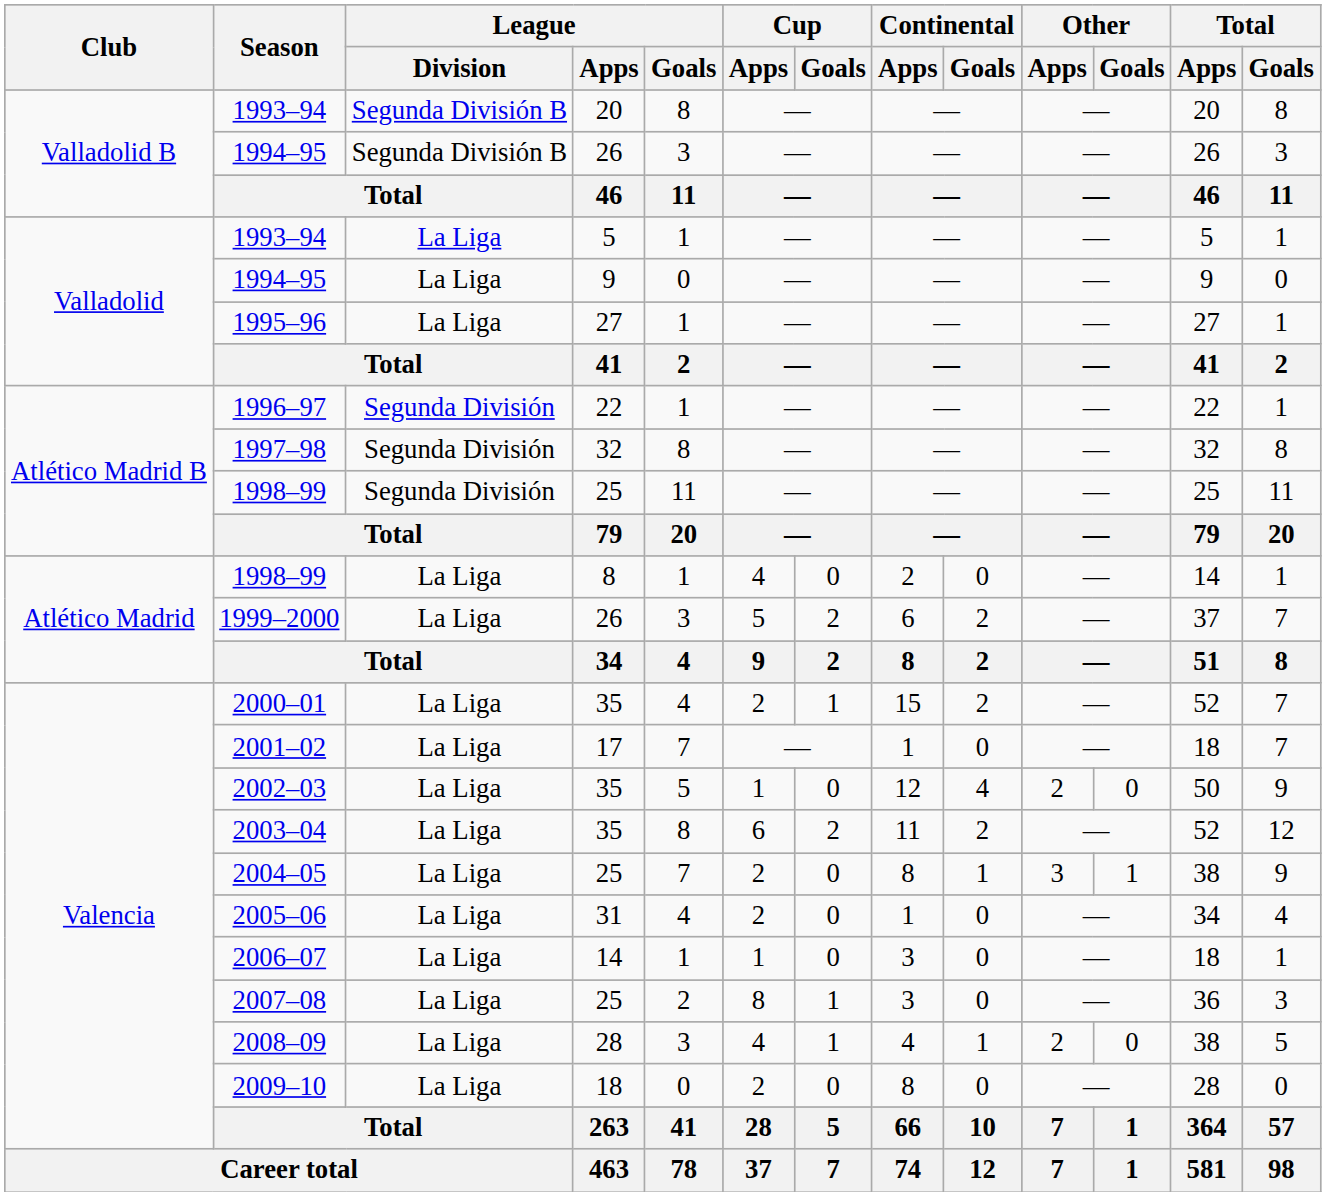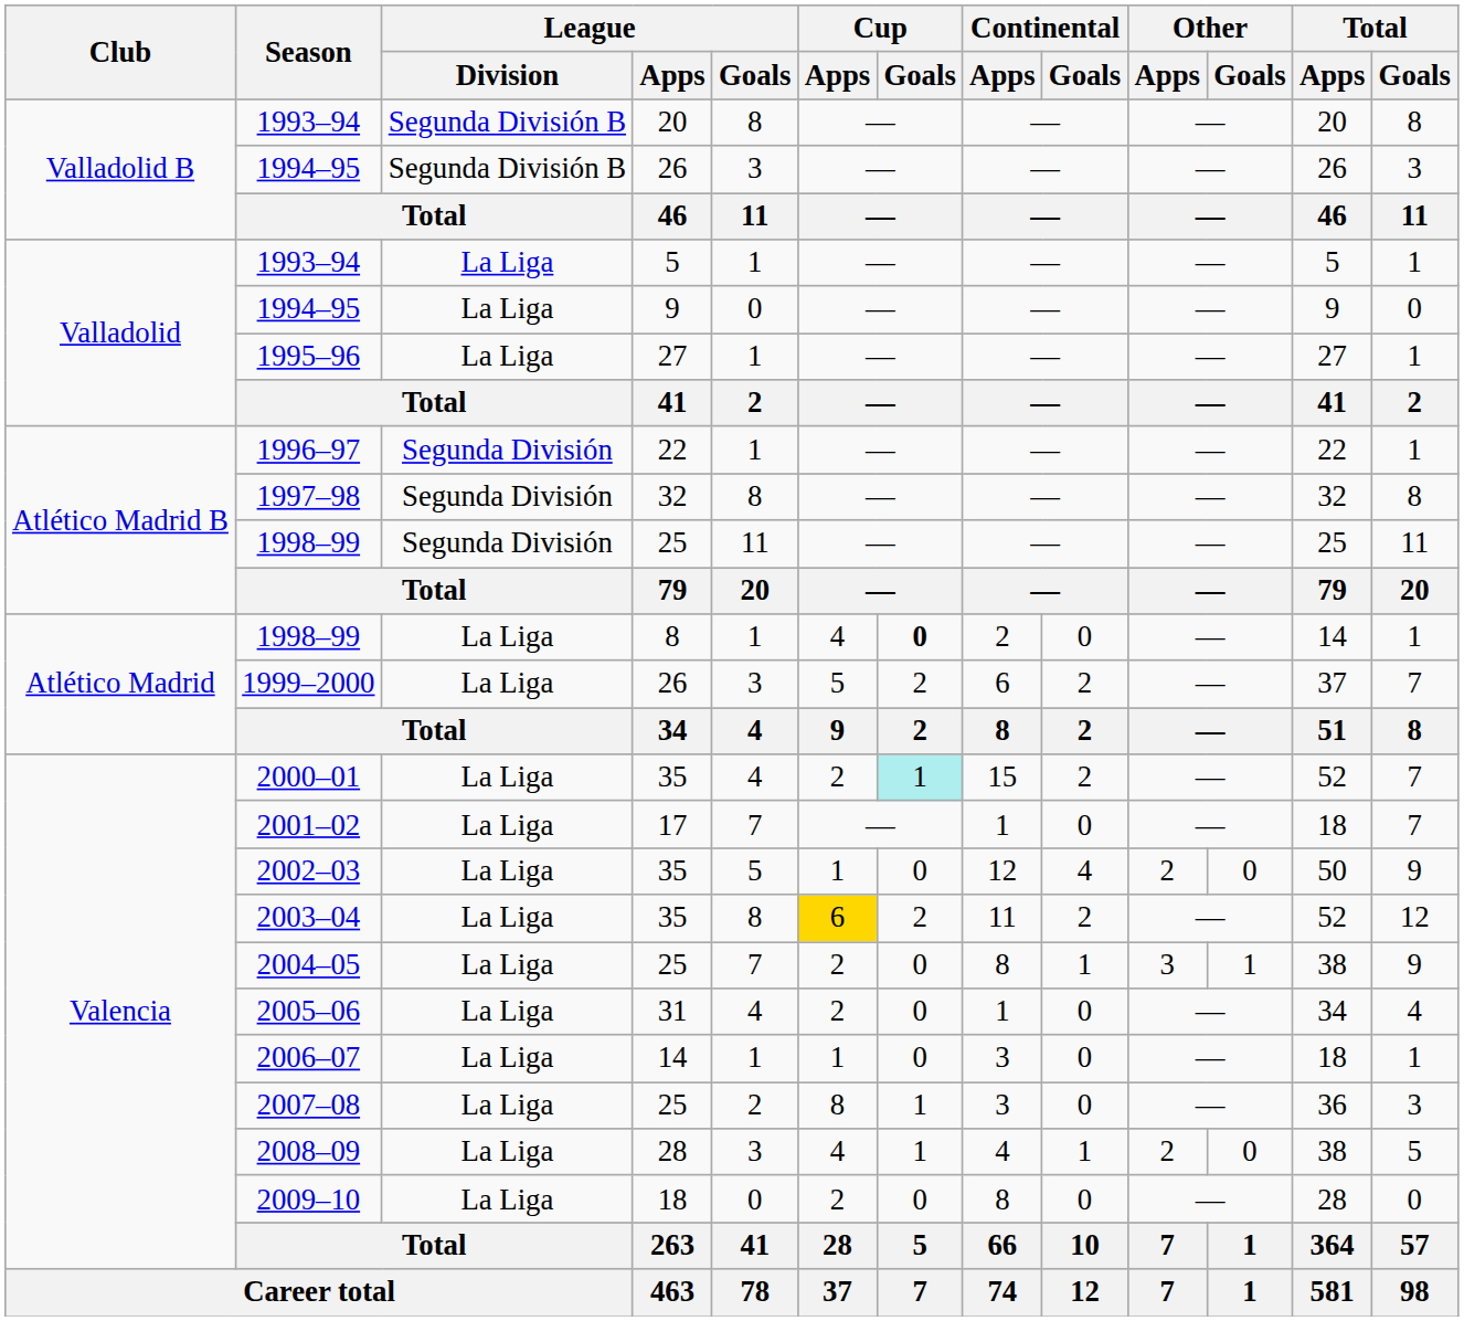 <table class="wikitable" style="text-align:center">
 <tr>
 <th rowspan="2">Club</th>
 <th rowspan="2">Season</th>
 <th colspan="3">League</th>
 <th colspan="2">Cup</th>
 <th colspan="2">Continental</th>
 <th colspan="2">Other</th>
 <th colspan="2">Total</th>
 </tr>
 <tr>
 <th>Division</th>
 <th>Apps</th>
 <th>Goals</th>
 <th>Apps</th>
 <th>Goals</th>
 <th>Apps</th>
 <th>Goals</th>
 <th>Apps</th>
 <th>Goals</th>
 <th>Apps</th>
 <th>Goals</th>
 </tr>
 <tr>
 <td rowspan="3"><a href='#'>Valladolid B</a></td>
 <td><a href='#'>1993–94</a></td>
 <td><a href='#'>Segunda División B</a></td>
 <td>20</td>
 <td>8</td>
 <td colspan="2">—</td>
 <td colspan="2">—</td>
 <td colspan="2">—</td>
 <td>20</td>
 <td>8</td>
 </tr>
 <tr>
 <td><a href='#'>1994–95</a></td>
 <td>Segunda División B</td>
 <td>26</td>
 <td>3</td>
 <td colspan="2">—</td>
 <td colspan="2">—</td>
 <td colspan="2">—</td>
 <td>26</td>
 <td>3</td>
 </tr>
 <tr>
 <th colspan="2">Total</th>
 <th>46</th>
 <th>11</th>
 <th colspan="2">—</th>
 <th colspan="2">—</th>
 <th colspan="2">—</th>
 <th>46</th>
 <th>11</th>
 </tr>
 <tr>
 <td rowspan="4"><a href='#'>Valladolid</a></td>
 <td><a href='#'>1993–94</a></td>
 <td><a href='#'>La Liga</a></td>
 <td>5</td>
 <td>1</td>
 <td colspan="2">—</td>
 <td colspan="2">—</td>
 <td colspan="2">—</td>
 <td>5</td>
 <td>1</td>
 </tr>
 <tr>
 <td><a href='#'>1994–95</a></td>
 <td>La Liga</td>
 <td>9</td>
 <td>0</td>
 <td colspan="2">—</td>
 <td colspan="2">—</td>
 <td colspan="2">—</td>
 <td>9</td>
 <td>0</td>
 </tr>
 <tr>
 <td><a href='#'>1995–96</a></td>
 <td>La Liga</td>
 <td>27</td>
 <td>1</td>
 <td colspan="2">—</td>
 <td colspan="2">—</td>
 <td colspan="2">—</td>
 <td>27</td>
 <td>1</td>
 </tr>
 <tr>
 <th colspan="2">Total</th>
 <th>41</th>
 <th>2</th>
 <th colspan="2">—</th>
 <th colspan="2">—</th>
 <th colspan="2">—</th>
 <th>41</th>
 <th>2</th>
 </tr>
 <tr>
 <td rowspan="4"><a href='#'>Atlético Madrid B</a></td>
 <td><a href='#'>1996–97</a></td>
 <td><a href='#'>Segunda División</a></td>
 <td>22</td>
 <td>1</td>
 <td colspan="2">—</td>
 <td colspan="2">—</td>
 <td colspan="2">—</td>
 <td>22</td>
 <td>1</td>
 </tr>
 <tr>
 <td><a href='#'>1997–98</a></td>
 <td>Segunda División</td>
 <td>32</td>
 <td>8</td>
 <td colspan="2">—</td>
 <td colspan="2">—</td>
 <td colspan="2">—</td>
 <td>32</td>
 <td>8</td>
 </tr>
 <tr>
 <td><a href='#'>1998–99</a></td>
 <td>Segunda División</td>
 <td>25</td>
 <td>11</td>
 <td colspan="2">—</td>
 <td colspan="2">—</td>
 <td colspan="2">—</td>
 <td>25</td>
 <td>11</td>
 </tr>
 <tr>
 <th colspan="2">Total</th>
 <th>79</th>
 <th>20</th>
 <th colspan="2">—</th>
 <th colspan="2">—</th>
 <th colspan="2">—</th>
 <th>79</th>
 <th>20</th>
 </tr>
 <tr>
 <td rowspan="3"><a href='#'>Atlético Madrid</a></td>
 <td><a href='#'>1998–99</a></td>
 <td>La Liga</td>
 <td>8</td>
 <td>1</td>
 <td>4</td>
-<td>0</td>
+<td><strong>0</strong></td>
 <td>2</td>
 <td>0</td>
 <td colspan="2">—</td>
 <td>14</td>
 <td>1</td>
 </tr>
 <tr>
 <td><a href='#'>1999–2000</a></td>
 <td>La Liga</td>
 <td>26</td>
 <td>3</td>
 <td>5</td>
 <td>2</td>
 <td>6</td>
 <td>2</td>
 <td colspan="2">—</td>
 <td>37</td>
 <td>7</td>
 </tr>
 <tr>
 <th colspan="2">Total</th>
 <th>34</th>
 <th>4</th>
 <th>9</th>
 <th>2</th>
 <th>8</th>
 <th>2</th>
 <th colspan="2">—</th>
 <th>51</th>
 <th>8</th>
 </tr>
 <tr>
 <td rowspan="11"><a href='#'>Valencia</a></td>
 <td><a href='#'>2000–01</a></td>
 <td>La Liga</td>
 <td>35</td>
 <td>4</td>
 <td>2</td>
-<td>1</td>
+<td style="background: paleturquoise;">1</td>
 <td>15</td>
 <td>2</td>
 <td colspan="2">—</td>
 <td>52</td>
 <td>7</td>
 </tr>
 <tr>
 <td><a href='#'>2001–02</a></td>
 <td>La Liga</td>
 <td>17</td>
 <td>7</td>
 <td colspan="2">—</td>
 <td>1</td>
 <td>0</td>
 <td colspan="2">—</td>
 <td>18</td>
 <td>7</td>
 </tr>
 <tr>
 <td><a href='#'>2002–03</a></td>
 <td>La Liga</td>
 <td>35</td>
 <td>5</td>
 <td>1</td>
 <td>0</td>
 <td>12</td>
 <td>4</td>
 <td>2</td>
 <td>0</td>
 <td>50</td>
 <td>9</td>
 </tr>
 <tr>
 <td><a href='#'>2003–04</a></td>
 <td>La Liga</td>
 <td>35</td>
 <td>8</td>
-<td>6</td>
+<td style="background: gold;">6</td>
 <td>2</td>
 <td>11</td>
 <td>2</td>
 <td colspan="2">—</td>
 <td>52</td>
 <td>12</td>
 </tr>
 <tr>
 <td><a href='#'>2004–05</a></td>
 <td>La Liga</td>
 <td>25</td>
 <td>7</td>
 <td>2</td>
 <td>0</td>
 <td>8</td>
 <td>1</td>
 <td>3</td>
 <td>1</td>
 <td>38</td>
 <td>9</td>
 </tr>
 <tr>
 <td><a href='#'>2005–06</a></td>
 <td>La Liga</td>
 <td>31</td>
 <td>4</td>
 <td>2</td>
 <td>0</td>
 <td>1</td>
 <td>0</td>
 <td colspan="2">—</td>
 <td>34</td>
 <td>4</td>
 </tr>
 <tr>
 <td><a href='#'>2006–07</a></td>
 <td>La Liga</td>
 <td>14</td>
 <td>1</td>
 <td>1</td>
 <td>0</td>
 <td>3</td>
 <td>0</td>
 <td colspan="2">—</td>
 <td>18</td>
 <td>1</td>
 </tr>
 <tr>
 <td><a href='#'>2007–08</a></td>
 <td>La Liga</td>
 <td>25</td>
 <td>2</td>
 <td>8</td>
 <td>1</td>
 <td>3</td>
 <td>0</td>
 <td colspan="2">—</td>
 <td>36</td>
 <td>3</td>
 </tr>
 <tr>
 <td><a href='#'>2008–09</a></td>
 <td>La Liga</td>
 <td>28</td>
 <td>3</td>
 <td>4</td>
 <td>1</td>
 <td>4</td>
 <td>1</td>
 <td>2</td>
 <td>0</td>
 <td>38</td>
 <td>5</td>
 </tr>
 <tr>
 <td><a href='#'>2009–10</a></td>
 <td>La Liga</td>
 <td>18</td>
 <td>0</td>
 <td>2</td>
 <td>0</td>
 <td>8</td>
 <td>0</td>
 <td colspan="2">—</td>
 <td>28</td>
 <td>0</td>
 </tr>
 <tr>
 <th colspan="2">Total</th>
 <th>263</th>
 <th>41</th>
 <th>28</th>
 <th>5</th>
 <th>66</th>
 <th>10</th>
 <th>7</th>
 <th>1</th>
 <th>364</th>
 <th>57</th>
 </tr>
 <tr>
 <th colspan="3">Career total</th>
 <th>463</th>
 <th>78</th>
 <th>37</th>
 <th>7</th>
 <th>74</th>
 <th>12</th>
 <th>7</th>
 <th>1</th>
 <th>581</th>
 <th>98</th>
 </tr>
 </table>
